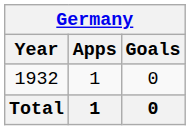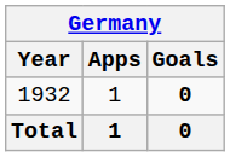 <table class="wikitable" style="text-align:center">
 <tr>
 <th colspan=3><a href='#'>Germany</a></th>
 </tr>
 <tr>
 <th>Year</th>
 <th>Apps</th>
 <th>Goals</th>
 </tr>
 <tr>
 <td>1932</td>
 <td>1</td>
-<td>0</td>
+<td><strong>0</strong></td>
 </tr>
 <tr>
 <th>Total</th>
 <th>1</th>
 <th>0</th>
 </tr>
 </table>
